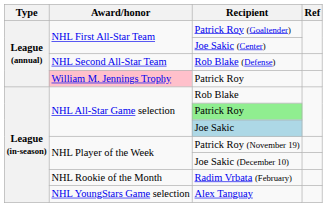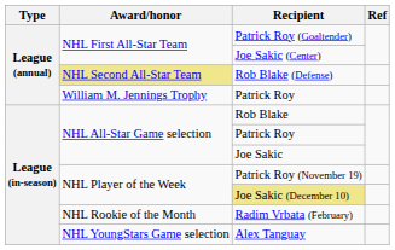 <table class="wikitable">
 <tr>
 <th scope="col">Type</th>
 <th scope="col">Award/honor</th>
 <th scope="col">Recipient</th>
 <th scope="col">Ref</th>
 </tr>
 <tr>
 <th scope="row" rowspan="4">League<br><small>(annual)</small></th>
 <td rowspan="2"><a href='#'>NHL First All-Star Team</a></td>
 <td><a href='#'>Patrick Roy</a> <small>(<a href='#'>Goaltender</a>)</small></td>
 <td rowspan="2"></td>
 </tr>
 <tr>
 <td><a href='#'>Joe Sakic</a> <small>(<a href='#'>Center</a>)</small></td>
 </tr>
 <tr>
-<td><a href='#'>NHL Second All-Star Team</a></td>
+<td style="background: khaki;"><a href='#'>NHL Second All-Star Team</a></td>
 <td><a href='#'>Rob Blake</a> <small>(<a href='#'>Defense</a>)</small></td>
 <td></td>
 </tr>
 <tr>
-<td style="background: pink;"><a href='#'>William M. Jennings Trophy</a></td>
+<td><a href='#'>William M. Jennings Trophy</a></td>
 <td>Patrick Roy</td>
 <td></td>
 </tr>
 <tr>
 <th scope="row" rowspan="7">League<br><small>(in-season)</small></th>
 <td rowspan="3"><a href='#'>NHL All-Star Game</a> selection</td>
 <td>Rob Blake</td>
 <td rowspan="3"></td>
 </tr>
 <tr>
-<td style="background: lightgreen;">Patrick Roy</td>
+<td>Patrick Roy</td>
 </tr>
 <tr>
-<td style="background: lightblue;">Joe Sakic</td>
+<td>Joe Sakic</td>
 </tr>
 <tr>
 <td rowspan="2">NHL Player of the Week</td>
 <td>Patrick Roy <small>(November 19)</small></td>
 <td></td>
 </tr>
 <tr>
-<td>Joe Sakic <small>(December 10)</small></td>
+<td style="background: khaki;">Joe Sakic <small>(December 10)</small></td>
 <td></td>
 </tr>
 <tr>
 <td>NHL Rookie of the Month</td>
 <td><a href='#'>Radim Vrbata</a> <small>(February)</small></td>
 <td></td>
 </tr>
 <tr>
 <td><a href='#'>NHL YoungStars Game</a> selection</td>
 <td><a href='#'>Alex Tanguay</a></td>
 <td></td>
 </tr>
 </table>
